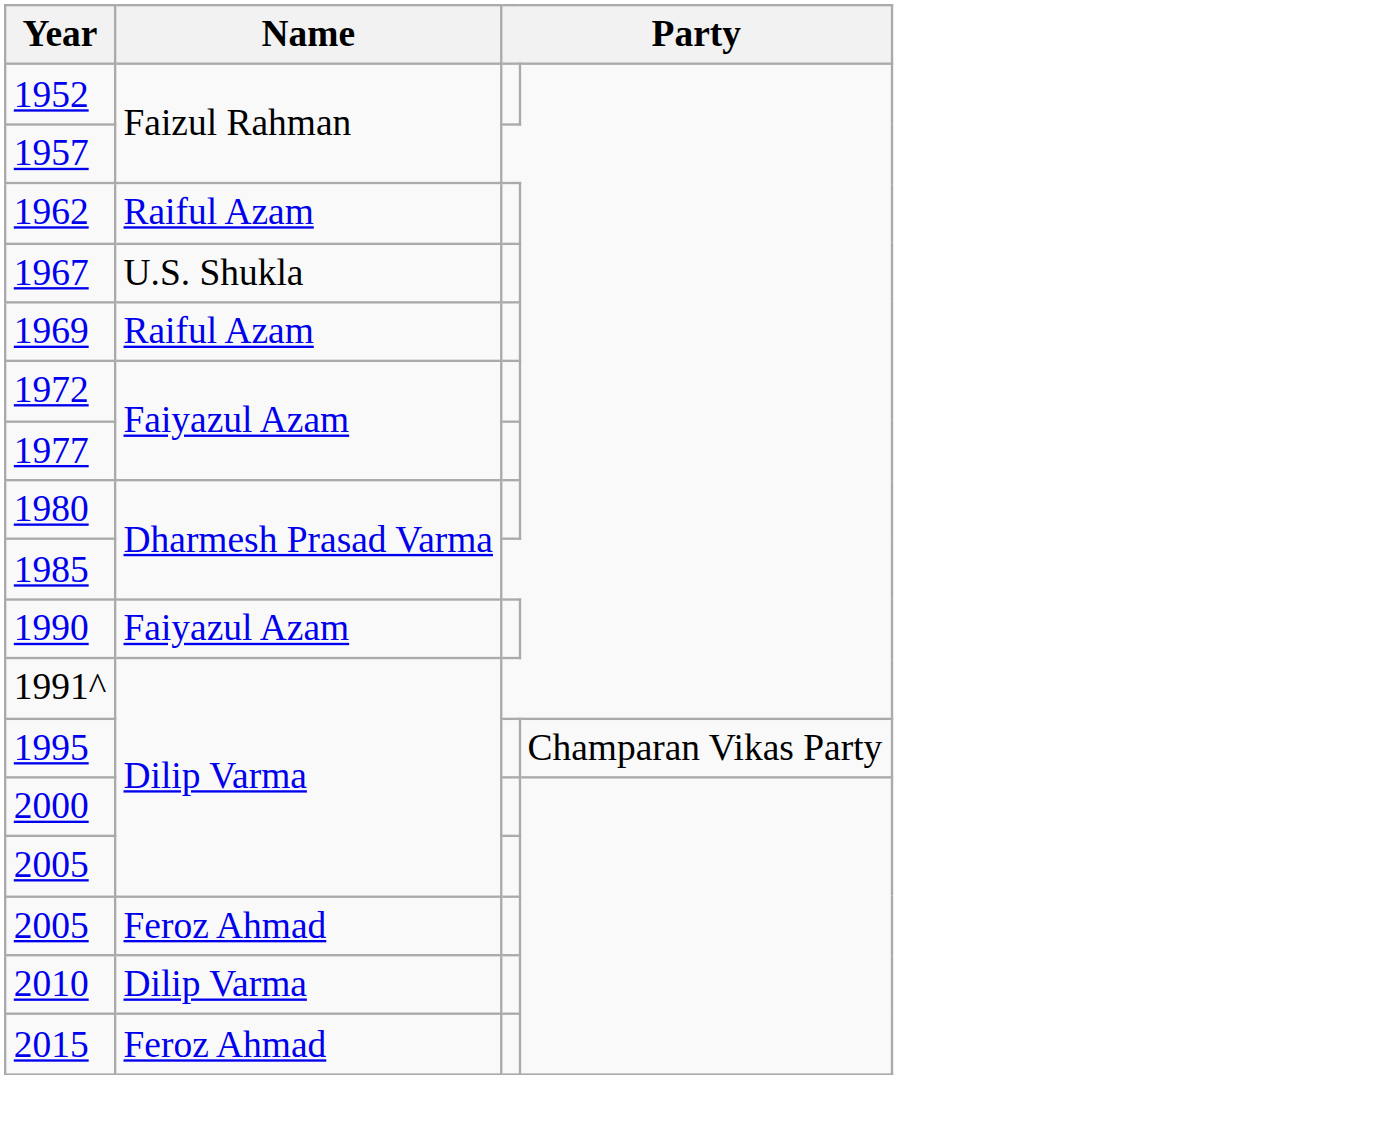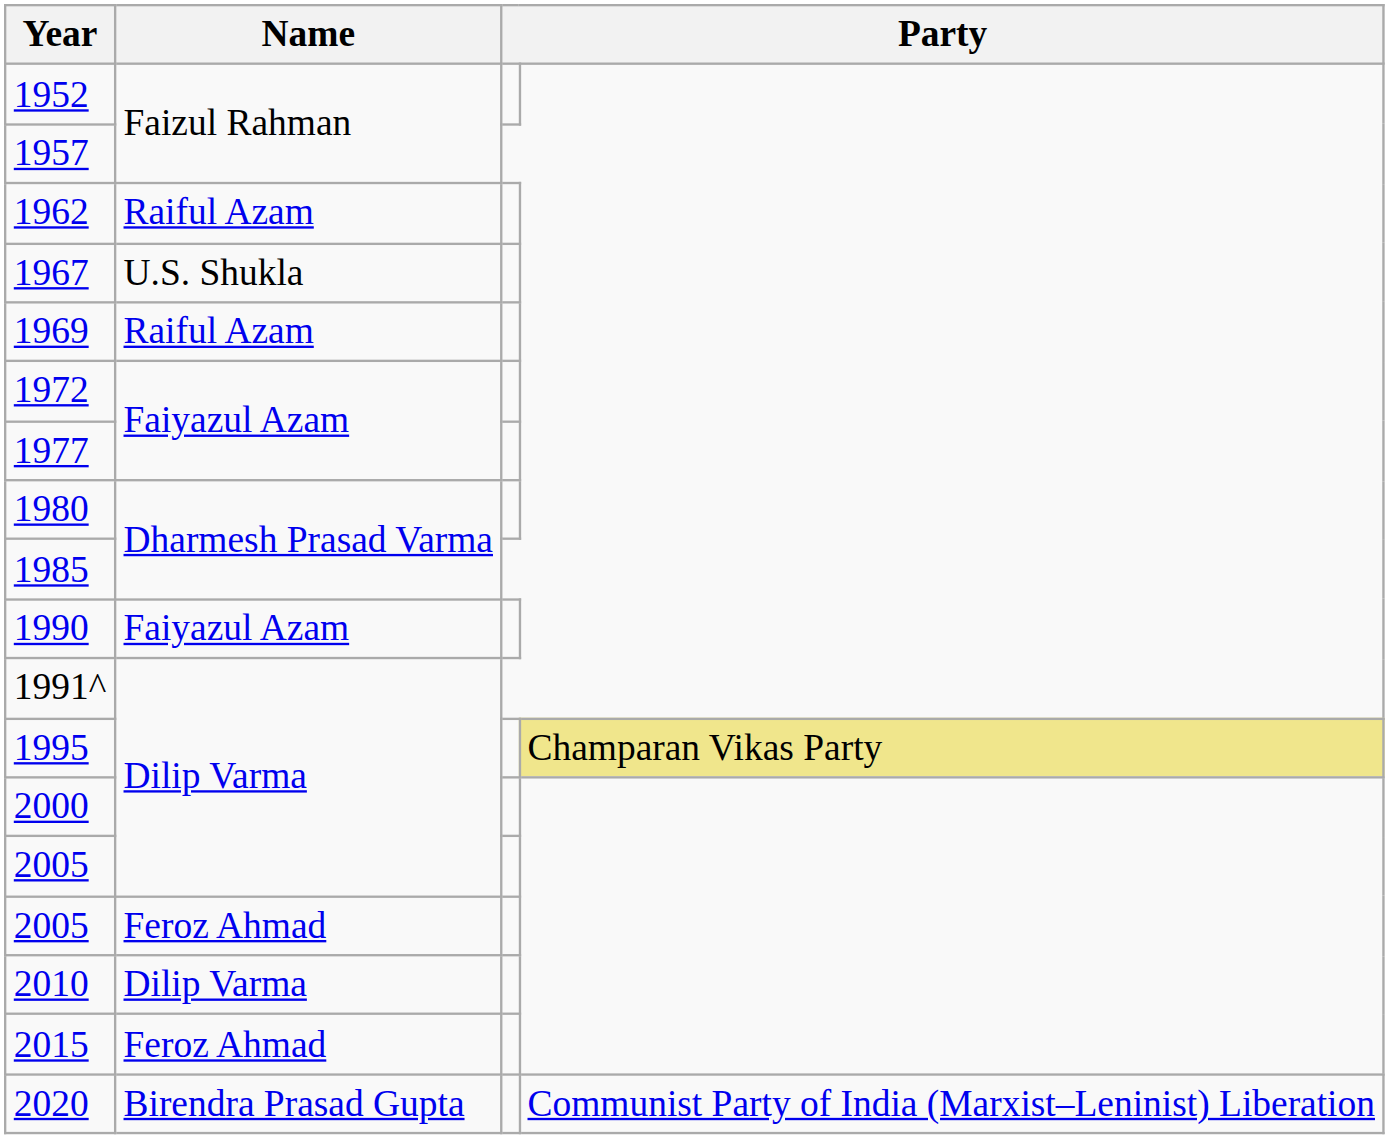 <table class="wikitable sortable">
 <tr>
 <th>Year</th>
 <th>Name</th>
 <th colspan="2">Party</th>
 </tr>
 <tr>
 <td><a href='#'>1952</a></td>
 <td rowspan="2">Faizul Rahman</td>
 <td></td>
 </tr>
 <tr>
 <td><a href='#'>1957</a></td>
 </tr>
 <tr>
 <td><a href='#'>1962</a></td>
 <td><a href='#'>Raiful Azam</a></td>
 <td></td>
 </tr>
 <tr>
 <td><a href='#'>1967</a></td>
 <td>U.S. Shukla</td>
 <td></td>
 </tr>
 <tr>
 <td><a href='#'>1969</a></td>
 <td><a href='#'>Raiful Azam</a></td>
 <td></td>
 </tr>
 <tr>
 <td><a href='#'>1972</a></td>
 <td rowspan="2"><a href='#'>Faiyazul Azam</a></td>
 <td></td>
 </tr>
 <tr>
 <td><a href='#'>1977</a></td>
 <td></td>
 </tr>
 <tr>
 <td><a href='#'>1980</a></td>
 <td rowspan="2"><a href='#'>Dharmesh Prasad Varma</a></td>
 <td></td>
 </tr>
 <tr>
 <td><a href='#'>1985</a></td>
 </tr>
 <tr>
 <td><a href='#'>1990</a></td>
 <td><a href='#'>Faiyazul Azam</a></td>
 <td></td>
 </tr>
 <tr>
 <td>1991^</td>
 <td rowspan="4"><a href='#'>Dilip Varma</a></td>
 </tr>
 <tr>
 <td><a href='#'>1995</a></td>
 <td style="background-color: "></td>
-<td>Champaran Vikas Party</td>
+<td style="background: khaki;">Champaran Vikas Party</td>
 </tr>
 <tr>
 <td><a href='#'>2000</a></td>
 <td></td>
 </tr>
 <tr>
 <td><a href='#'>2005</a></td>
 <td></td>
 </tr>
 <tr>
 <td><a href='#'>2005</a></td>
 <td><a href='#'>Feroz Ahmad</a></td>
 <td></td>
 </tr>
 <tr>
 <td><a href='#'>2010</a></td>
 <td><a href='#'>Dilip Varma</a></td>
 <td></td>
 </tr>
 <tr>
 <td><a href='#'>2015</a></td>
 <td><a href='#'>Feroz Ahmad</a></td>
 <td></td>
 </tr>
+<tr>
+<td><a href='#'>2020</a></td>
+<td><a href='#'>Birendra Prasad Gupta</a></td>
+<td style="background-color: "></td>
+<td><a href='#'>Communist Party of India (Marxist–Leninist) Liberation</a></td>
+</tr>
 </table>
